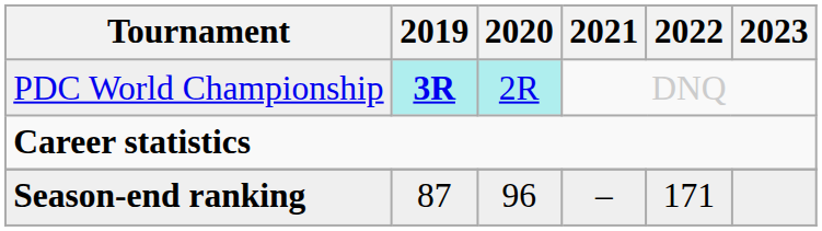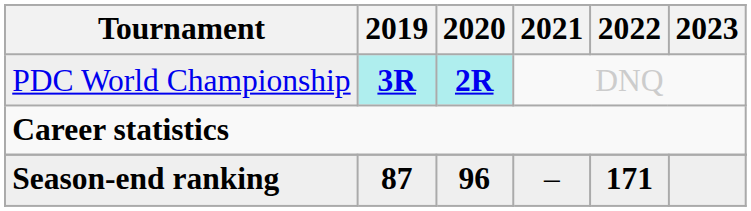 <table class="wikitable">
 <tr>
 <th>Tournament</th>
 <th>2019</th>
 <th>2020</th>
 <th>2021</th>
 <th>2022</th>
 <th>2023</th>
 </tr>
 <tr>
 <td style="background:#efefef;"><a href='#'>PDC World Championship</a></td>
 <td style="text-align:center; background:#afeeee;"><strong><a href='#'>3R</a></strong></td>
-<td style="text-align:center; background:#afeeee;"><a href='#'>2R</a></td>
+<td style="text-align:center; background:#afeeee;"><strong><a href='#'>2R</a></strong></td>
 <td colspan="3" style="text-align:center; color:#ccc;">DNQ</td>
 </tr>
 <tr>
 <td colspan="15" align="left"><strong>Career statistics</strong></td>
 </tr>
 <tr>
 </tr>
 <tr bgcolor="efefef">
 <td align="left"><strong>Season-end ranking</strong></td>
-<td style="text-align:center;">87</td>
-<td style="text-align:center;">96</td>
+<td style="text-align:center;"><strong>87</strong></td>
+<td style="text-align:center;"><strong>96</strong></td>
 <td style="text-align:center;">–</td>
-<td style="text-align:center;">171</td>
+<td style="text-align:center;"><strong>171</strong></td>
 <td></td>
 </tr>
 </table>
